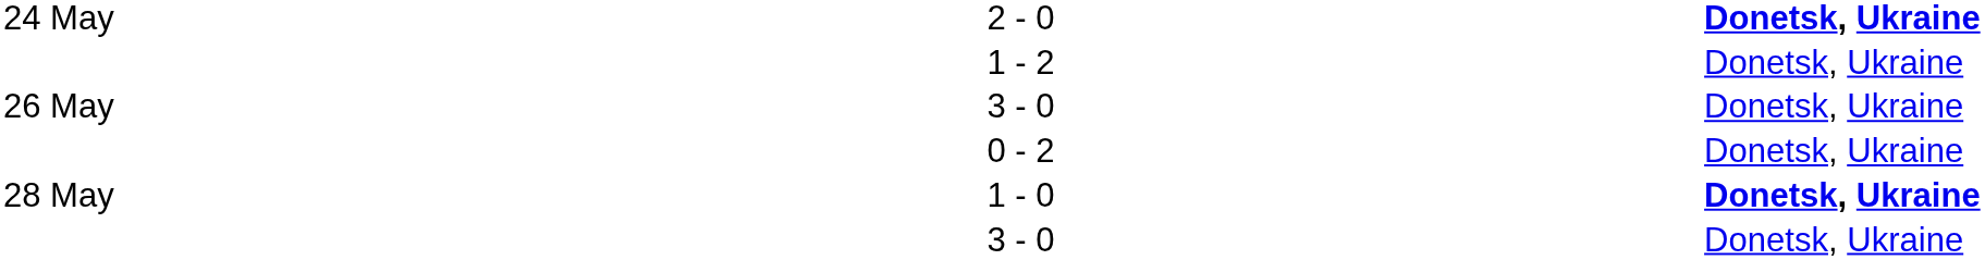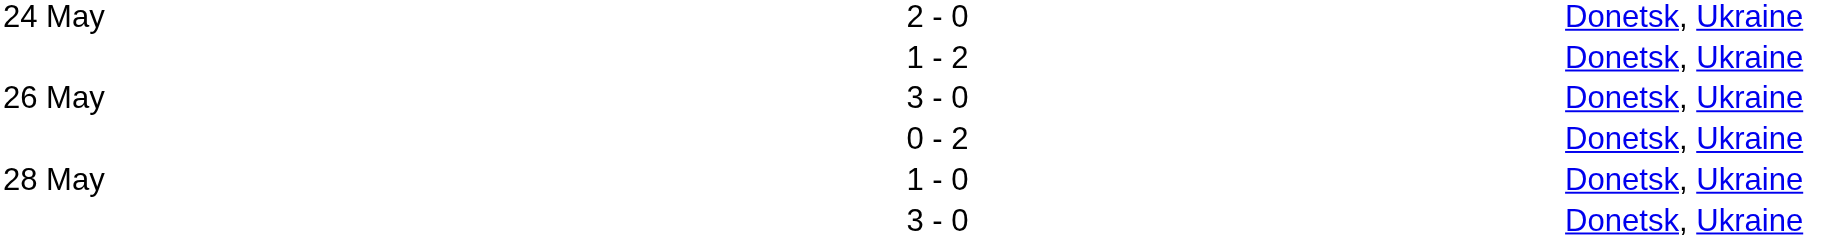 <table cellspacing=1 width=85%>
 <tr>
 <th width=15%></th>
 <th width=25%></th>
 <th width=10%></th>
 <th width=25%></th>
 <th width=25%></th>
 </tr>
 <tr>
 <td>24 May</td>
 <td align=right></td>
 <td align=center>2 - 0</td>
 <td></td>
-<td><strong><a href='#'>Donetsk</a>, <a href='#'>Ukraine</a></strong></td>
+<td><a href='#'>Donetsk</a>, <a href='#'>Ukraine</a></td>
 </tr>
 <tr>
 <td></td>
 <td align=right></td>
 <td align=center>1 - 2</td>
 <td></td>
 <td><a href='#'>Donetsk</a>, <a href='#'>Ukraine</a></td>
 </tr>
 <tr>
 <td>26 May</td>
 <td align=right></td>
 <td align=center>3 - 0</td>
 <td></td>
 <td><a href='#'>Donetsk</a>, <a href='#'>Ukraine</a></td>
 </tr>
 <tr>
 <td></td>
 <td align=right></td>
 <td align=center>0 - 2</td>
 <td></td>
 <td><a href='#'>Donetsk</a>, <a href='#'>Ukraine</a></td>
 </tr>
 <tr>
 <td>28 May</td>
 <td align=right></td>
 <td align=center>1 - 0</td>
 <td></td>
-<td><strong><a href='#'>Donetsk</a>, <a href='#'>Ukraine</a></strong></td>
+<td><a href='#'>Donetsk</a>, <a href='#'>Ukraine</a></td>
 </tr>
 <tr>
 <td></td>
 <td align=right></td>
 <td align=center>3 - 0</td>
 <td></td>
 <td><a href='#'>Donetsk</a>, <a href='#'>Ukraine</a></td>
 </tr>
 </table>
